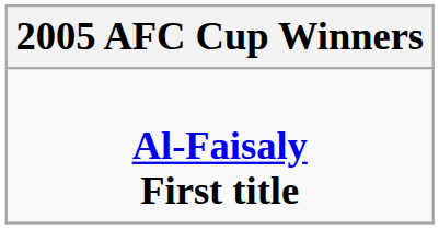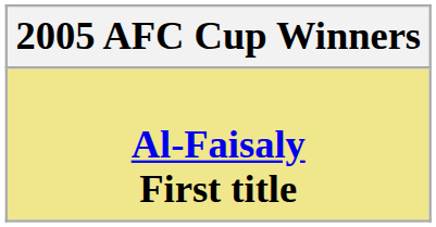 <table class=wikitable style="text-align:center; margin:auto">
 <tr>
 <th>2005 AFC Cup Winners</th>
 </tr>
 <tr>
-<td> <br> <strong><a href='#'>Al-Faisaly</a></strong> <br> <strong>First title</strong></td>
+<td style="background: khaki;"> <br> <strong><a href='#'>Al-Faisaly</a></strong> <br> <strong>First title</strong></td>
 </tr>
 </table>
